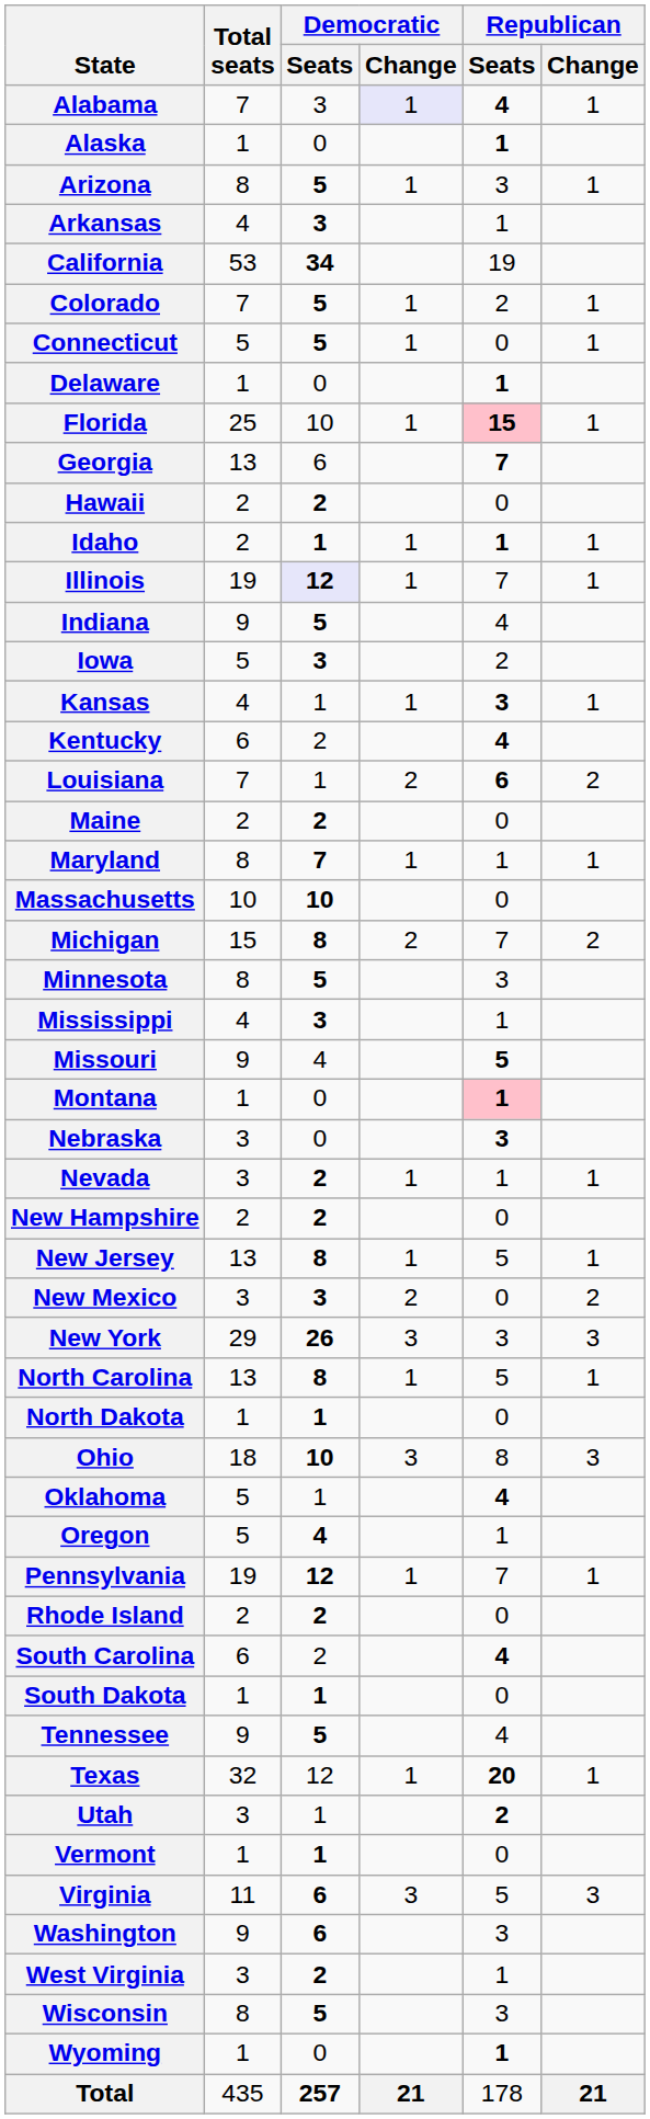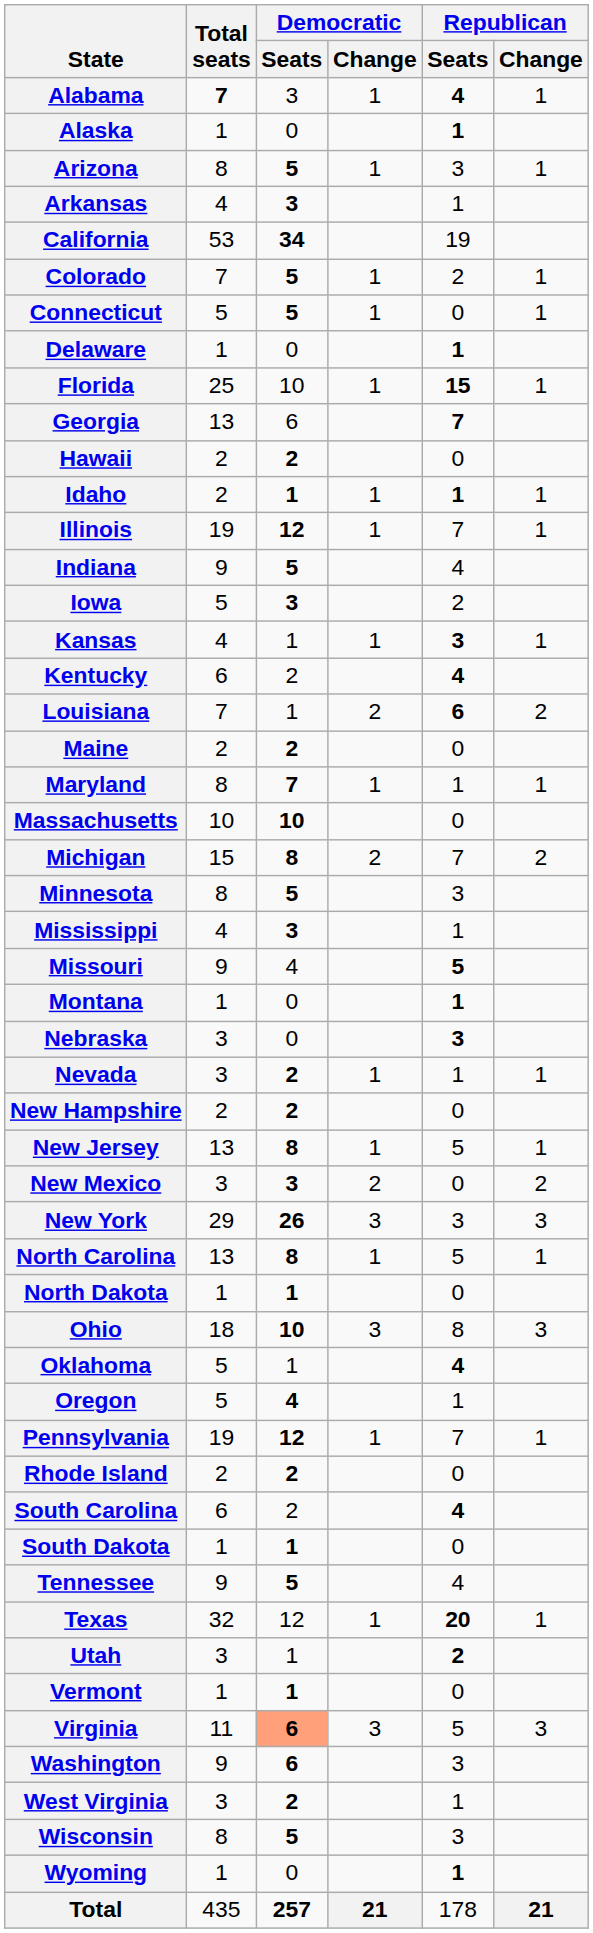 <table class=wikitable style="text-align:center">
 <tr valign=bottom>
 <th rowspan=2>State</th>
 <th rowspan=2>Total<br>seats</th>
 <th colspan=2 ><a href='#'>Democratic</a></th>
 <th colspan=2 ><a href='#'>Republican</a></th>
 </tr>
 <tr>
 <th>Seats</th>
 <th>Change</th>
 <th>Seats</th>
 <th>Change</th>
 </tr>
 <tr>
 <th><a href='#'>Alabama</a></th>
-<td>7</td>
+<td><strong>7</strong></td>
 <td>3</td>
-<td style="background: lavender;">1</td>
+<td>1</td>
 <td><strong>4</strong></td>
 <td>1</td>
 </tr>
 <tr>
 <th><a href='#'>Alaska</a></th>
 <td>1</td>
 <td>0</td>
 <td></td>
 <td><strong>1</strong></td>
 <td></td>
 </tr>
 <tr>
 <th><a href='#'>Arizona</a></th>
 <td>8</td>
 <td><strong>5</strong></td>
 <td>1</td>
 <td>3</td>
 <td>1</td>
 </tr>
 <tr>
 <th><a href='#'>Arkansas</a></th>
 <td>4</td>
 <td><strong>3</strong></td>
 <td></td>
 <td>1</td>
 <td></td>
 </tr>
 <tr>
 <th><a href='#'>California</a></th>
 <td>53</td>
 <td><strong>34</strong></td>
 <td></td>
 <td>19</td>
 <td></td>
 </tr>
 <tr>
 <th><a href='#'>Colorado</a></th>
 <td>7</td>
 <td><strong>5</strong></td>
 <td>1</td>
 <td>2</td>
 <td>1</td>
 </tr>
 <tr>
 <th><a href='#'>Connecticut</a></th>
 <td>5</td>
 <td><strong>5</strong></td>
 <td>1</td>
 <td>0</td>
 <td>1</td>
 </tr>
 <tr>
 <th><a href='#'>Delaware</a></th>
 <td>1</td>
 <td>0</td>
 <td></td>
 <td><strong>1</strong></td>
 <td></td>
 </tr>
 <tr>
 <th><a href='#'>Florida</a></th>
 <td>25</td>
 <td>10</td>
 <td>1</td>
-<td style="background: pink;"><strong>15</strong></td>
+<td><strong>15</strong></td>
 <td>1</td>
 </tr>
 <tr>
 <th><a href='#'>Georgia</a></th>
 <td>13</td>
 <td>6</td>
 <td></td>
 <td><strong>7</strong></td>
 <td></td>
 </tr>
 <tr>
 <th><a href='#'>Hawaii</a></th>
 <td>2</td>
 <td><strong>2</strong></td>
 <td></td>
 <td>0</td>
 <td></td>
 </tr>
 <tr>
 <th><a href='#'>Idaho</a></th>
 <td>2</td>
 <td><strong>1</strong></td>
 <td>1</td>
 <td><strong>1</strong></td>
 <td>1</td>
 </tr>
 <tr>
 <th><a href='#'>Illinois</a></th>
 <td>19</td>
-<td style="background: lavender;"><strong>12</strong></td>
+<td><strong>12</strong></td>
 <td>1</td>
 <td>7</td>
 <td>1</td>
 </tr>
 <tr>
 <th><a href='#'>Indiana</a></th>
 <td>9</td>
 <td><strong>5</strong></td>
 <td></td>
 <td>4</td>
 <td></td>
 </tr>
 <tr>
 <th><a href='#'>Iowa</a></th>
 <td>5</td>
 <td><strong>3</strong></td>
 <td></td>
 <td>2</td>
 <td></td>
 </tr>
 <tr>
 <th><a href='#'>Kansas</a></th>
 <td>4</td>
 <td>1</td>
 <td> 1</td>
 <td><strong>3</strong></td>
 <td> 1</td>
 </tr>
 <tr>
 <th><a href='#'>Kentucky</a></th>
 <td>6</td>
 <td>2</td>
 <td></td>
 <td><strong>4</strong></td>
 <td></td>
 </tr>
 <tr>
 <th><a href='#'>Louisiana</a></th>
 <td>7</td>
 <td>1</td>
 <td> 2</td>
 <td><strong>6</strong></td>
 <td> 2</td>
 </tr>
 <tr>
 <th><a href='#'>Maine</a></th>
 <td>2</td>
 <td><strong>2</strong></td>
 <td></td>
 <td>0</td>
 <td></td>
 </tr>
 <tr>
 <th><a href='#'>Maryland</a></th>
 <td>8</td>
 <td><strong>7</strong></td>
 <td> 1</td>
 <td>1</td>
 <td> 1</td>
 </tr>
 <tr>
 <th><a href='#'>Massachusetts</a></th>
 <td>10</td>
 <td><strong>10</strong></td>
 <td></td>
 <td>0</td>
 <td></td>
 </tr>
 <tr>
 <th><a href='#'>Michigan</a></th>
 <td>15</td>
 <td><strong>8</strong></td>
 <td> 2</td>
 <td>7</td>
 <td> 2</td>
 </tr>
 <tr>
 <th><a href='#'>Minnesota</a></th>
 <td>8</td>
 <td><strong>5</strong></td>
 <td></td>
 <td>3</td>
 <td></td>
 </tr>
 <tr>
 <th><a href='#'>Mississippi</a></th>
 <td>4</td>
 <td><strong>3</strong></td>
 <td></td>
 <td>1</td>
 <td></td>
 </tr>
 <tr>
 <th><a href='#'>Missouri</a></th>
 <td>9</td>
 <td>4</td>
 <td></td>
 <td><strong>5</strong></td>
 <td></td>
 </tr>
 <tr>
 <th><a href='#'>Montana</a></th>
 <td>1</td>
 <td>0</td>
 <td></td>
-<td style="background: pink;"><strong>1</strong></td>
+<td><strong>1</strong></td>
 <td></td>
 </tr>
 <tr>
 <th><a href='#'>Nebraska</a></th>
 <td>3</td>
 <td>0</td>
 <td></td>
 <td><strong>3</strong></td>
 <td></td>
 </tr>
 <tr>
 <th><a href='#'>Nevada</a></th>
 <td>3</td>
 <td><strong>2</strong></td>
 <td>1</td>
 <td>1</td>
 <td>1</td>
 </tr>
 <tr>
 <th><a href='#'>New Hampshire</a></th>
 <td>2</td>
 <td><strong>2</strong></td>
 <td></td>
 <td>0</td>
 <td></td>
 </tr>
 <tr>
 <th><a href='#'>New Jersey</a></th>
 <td>13</td>
 <td><strong>8</strong></td>
 <td>1</td>
 <td>5</td>
 <td>1</td>
 </tr>
 <tr>
 <th><a href='#'>New Mexico</a></th>
 <td>3</td>
 <td><strong>3</strong></td>
 <td> 2</td>
 <td>0</td>
 <td> 2</td>
 </tr>
 <tr>
 <th><a href='#'>New York</a></th>
 <td>29</td>
 <td><strong>26</strong></td>
 <td> 3</td>
 <td>3</td>
 <td> 3</td>
 </tr>
 <tr>
 <th><a href='#'>North Carolina</a></th>
 <td>13</td>
 <td><strong>8</strong></td>
 <td> 1</td>
 <td>5</td>
 <td> 1</td>
 </tr>
 <tr>
 <th><a href='#'>North Dakota</a></th>
 <td>1</td>
 <td><strong>1</strong></td>
 <td></td>
 <td>0</td>
 <td></td>
 </tr>
 <tr>
 <th><a href='#'>Ohio</a></th>
 <td>18</td>
 <td><strong>10</strong></td>
 <td> 3</td>
 <td>8</td>
 <td> 3</td>
 </tr>
 <tr>
 <th><a href='#'>Oklahoma</a></th>
 <td>5</td>
 <td>1</td>
 <td></td>
 <td><strong>4</strong></td>
 <td></td>
 </tr>
 <tr>
 <th><a href='#'>Oregon</a></th>
 <td>5</td>
 <td><strong>4</strong></td>
 <td></td>
 <td>1</td>
 <td></td>
 </tr>
 <tr>
 <th><a href='#'>Pennsylvania</a></th>
 <td>19</td>
 <td><strong>12</strong></td>
 <td> 1</td>
 <td>7</td>
 <td> 1</td>
 </tr>
 <tr>
 <th><a href='#'>Rhode Island</a></th>
 <td>2</td>
 <td><strong>2</strong></td>
 <td></td>
 <td>0</td>
 <td></td>
 </tr>
 <tr>
 <th><a href='#'>South Carolina</a></th>
 <td>6</td>
 <td>2</td>
 <td></td>
 <td><strong>4</strong></td>
 <td></td>
 </tr>
 <tr>
 <th><a href='#'>South Dakota</a></th>
 <td>1</td>
 <td><strong>1</strong></td>
 <td></td>
 <td>0</td>
 <td></td>
 </tr>
 <tr>
 <th><a href='#'>Tennessee</a></th>
 <td>9</td>
 <td><strong>5</strong></td>
 <td></td>
 <td>4</td>
 <td></td>
 </tr>
 <tr>
 <th><a href='#'>Texas</a></th>
 <td>32</td>
 <td>12</td>
 <td> 1</td>
 <td><strong>20</strong></td>
 <td> 1</td>
 </tr>
 <tr>
 <th><a href='#'>Utah</a></th>
 <td>3</td>
 <td>1</td>
 <td></td>
 <td><strong>2</strong></td>
 <td></td>
 </tr>
 <tr>
 <th><a href='#'>Vermont</a></th>
 <td>1</td>
 <td><strong>1</strong></td>
 <td></td>
 <td>0</td>
 <td></td>
 </tr>
 <tr>
 <th><a href='#'>Virginia</a></th>
 <td>11</td>
-<td><strong>6</strong></td>
+<td style="background: lightsalmon;"><strong>6</strong></td>
 <td>3</td>
 <td>5</td>
 <td>3</td>
 </tr>
 <tr>
 <th><a href='#'>Washington</a></th>
 <td>9</td>
 <td><strong>6</strong></td>
 <td></td>
 <td>3</td>
 <td></td>
 </tr>
 <tr>
 <th><a href='#'>West Virginia</a></th>
 <td>3</td>
 <td><strong>2</strong></td>
 <td></td>
 <td>1</td>
 <td></td>
 </tr>
 <tr>
 <th><a href='#'>Wisconsin</a></th>
 <td>8</td>
 <td><strong>5</strong></td>
 <td></td>
 <td>3</td>
 <td></td>
 </tr>
 <tr>
 <th><a href='#'>Wyoming</a></th>
 <td>1</td>
 <td>0</td>
 <td></td>
 <td><strong>1</strong></td>
 <td></td>
 </tr>
 <tr>
 <th>Total</th>
 <td>435</td>
 <td><strong>257</strong></td>
 <th>21</th>
 <td>178</td>
 <th>21</th>
 </tr>
 </table>
